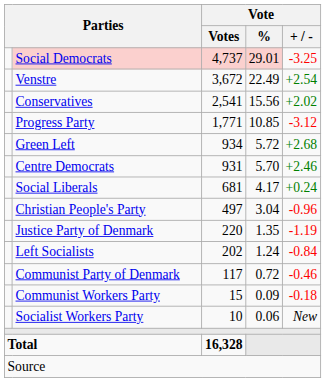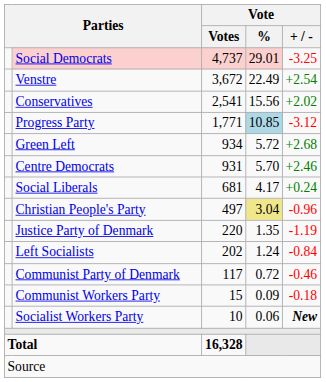 <table class="wikitable" style="text-align:right;">
 <tr>
 <th style="text-align:centre;" rowspan="2" colspan="2" width="225">Parties</th>
 <th colspan="3">Vote</th>
 </tr>
 <tr>
 <th width="15">Votes</th>
 <th width="15">%</th>
 <th width="15">+ / -</th>
 </tr>
 <tr>
 <td width="2" style="color:inherit;background:"></td>
 <td bgcolor=#fbd0ce  align="left"><a href='#'>Social Democrats</a></td>
 <td bgcolor=#fbd0ce>4,737</td>
 <td bgcolor=#fbd0ce>29.01</td>
 <td style=color:red;>-3.25</td>
 </tr>
 <tr>
 <td width="2" style="color:inherit;background:"></td>
 <td align="left"><a href='#'>Venstre</a></td>
 <td>3,672</td>
 <td>22.49</td>
 <td style=color:green;>+2.54</td>
 </tr>
 <tr>
 <td width="2" style="color:inherit;background:"></td>
 <td align="left"><a href='#'>Conservatives</a></td>
 <td>2,541</td>
 <td>15.56</td>
 <td style=color:green;>+2.02</td>
 </tr>
 <tr>
 <td width="2" style="color:inherit;background:"></td>
 <td align="left"><a href='#'>Progress Party</a></td>
 <td>1,771</td>
-<td>10.85</td>
+<td style="background: lightblue;">10.85</td>
 <td style=color:red;>-3.12</td>
 </tr>
 <tr>
 <td width="2" style="color:inherit;background:"></td>
 <td align="left"><a href='#'>Green Left</a></td>
 <td>934</td>
 <td>5.72</td>
 <td style=color:green;>+2.68</td>
 </tr>
 <tr>
 <td width="2" style="color:inherit;background:"></td>
 <td align="left"><a href='#'>Centre Democrats</a></td>
 <td>931</td>
 <td>5.70</td>
 <td style=color:green;>+2.46</td>
 </tr>
 <tr>
 <td width="2" style="color:inherit;background:"></td>
 <td align="left"><a href='#'>Social Liberals</a></td>
 <td>681</td>
 <td>4.17</td>
 <td style=color:green;>+0.24</td>
 </tr>
 <tr>
 <td width="2" style="color:inherit;background:"></td>
 <td align="left"><a href='#'>Christian People's Party</a></td>
 <td>497</td>
-<td>3.04</td>
+<td style="background: khaki;">3.04</td>
 <td style=color:red;>-0.96</td>
 </tr>
 <tr>
 <td width="2" style="color:inherit;background:"></td>
 <td align="left"><a href='#'>Justice Party of Denmark</a></td>
 <td>220</td>
 <td>1.35</td>
 <td style=color:red;>-1.19</td>
 </tr>
 <tr>
 <td width="2" style="color:inherit;background:"></td>
 <td align="left"><a href='#'>Left Socialists</a></td>
 <td>202</td>
 <td>1.24</td>
 <td style=color:red;>-0.84</td>
 </tr>
 <tr>
 <td width="2" style="color:inherit;background:"></td>
 <td align="left"><a href='#'>Communist Party of Denmark</a></td>
 <td>117</td>
 <td>0.72</td>
 <td style=color:red;>-0.46</td>
 </tr>
 <tr>
 <td width="2" style="color:inherit;background:"></td>
 <td align="left"><a href='#'>Communist Workers Party</a></td>
 <td>15</td>
 <td>0.09</td>
 <td style=color:red;>-0.18</td>
 </tr>
 <tr>
 <td width="2" style="color:inherit;background:"></td>
 <td align="left"><a href='#'>Socialist Workers Party</a></td>
 <td>10</td>
 <td>0.06</td>
-<td><em>New</em></td>
+<td><strong><em>New</em></strong></td>
 </tr>
 <tr>
 <td colspan="7" bgcolor="#E9E9E9"></td>
 </tr>
 <tr>
 <td align="left" colspan="2"><strong>Total</strong></td>
 <td><strong>16,328</strong></td>
 <td bgcolor="#E9E9E9" colspan="2"></td>
 </tr>
 <tr>
 <td align="left" colspan="6">Source</td>
 </tr>
 </table>
